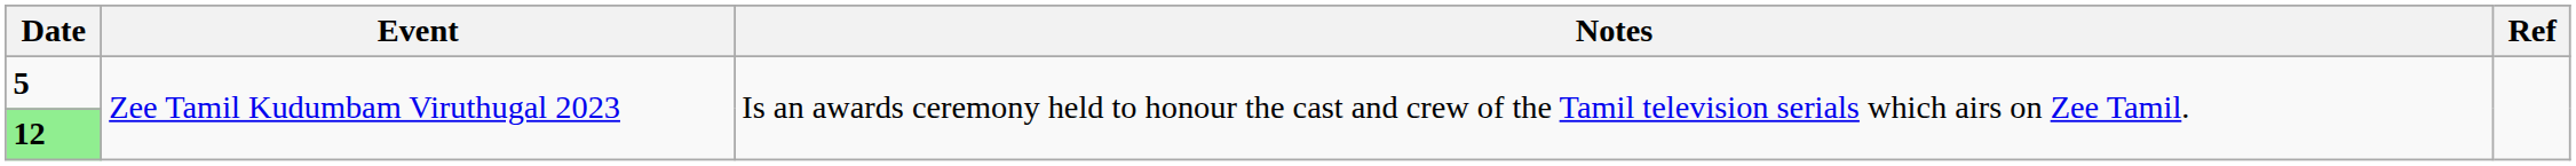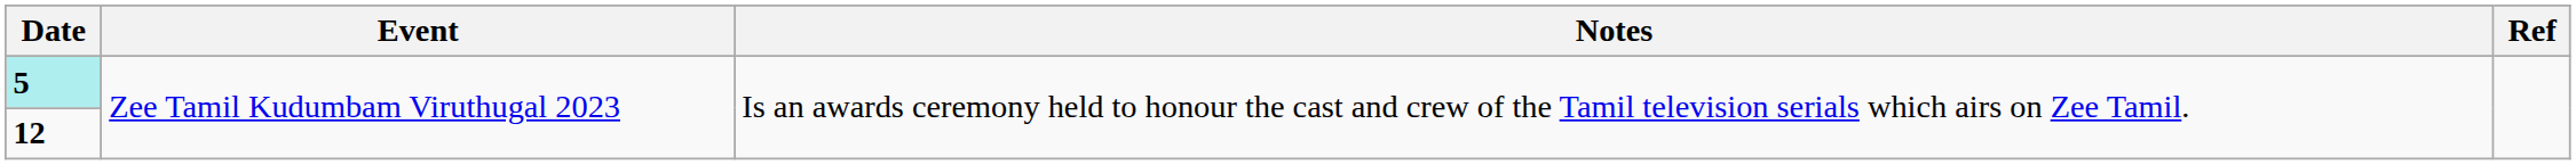 <table class="wikitable" width="80%">
 <tr>
 <th>Date</th>
 <th>Event</th>
 <th>Notes</th>
 <th>Ref</th>
 </tr>
 <tr>
-<td><strong>5</strong></td>
+<td style="background: paleturquoise;"><strong>5</strong></td>
 <td rowspan="2"><a href='#'>Zee Tamil Kudumbam Viruthugal 2023</a></td>
 <td rowspan="2">Is an awards ceremony held to honour the cast and crew of the <a href='#'>Tamil television serials</a> which airs on <a href='#'>Zee Tamil</a>.</td>
 <td rowspan="2"></td>
 </tr>
 <tr>
-<td style="background: lightgreen;"><strong>12</strong></td>
+<td><strong>12</strong></td>
 </tr>
 </table>
